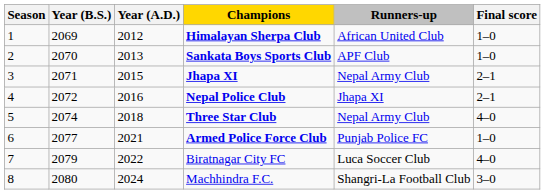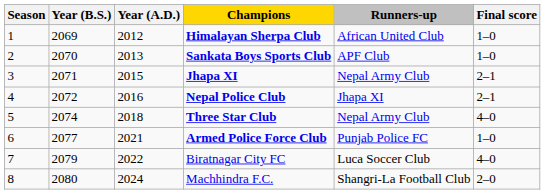 <table class="wikitable" wikitable '>
 <tr>
 <th>Season</th>
 <th>Year (B.S.)</th>
 <th>Year (A.D.)</th>
 <th style="background:gold;">Champions</th>
 <th style="background:silver;">Runners-up</th>
 <th>Final score</th>
 </tr>
 <tr>
 <td>1</td>
 <td>2069</td>
 <td>2012</td>
 <td><strong><a href='#'>Himalayan Sherpa Club</a></strong></td>
 <td><a href='#'>African United Club</a></td>
 <td>1–0</td>
 </tr>
 <tr>
 <td>2</td>
 <td>2070</td>
 <td>2013</td>
 <td><strong><a href='#'>Sankata Boys Sports Club</a></strong></td>
 <td><a href='#'>APF Club</a></td>
 <td>1–0</td>
 </tr>
 <tr>
 <td>3</td>
 <td>2071</td>
 <td>2015</td>
 <td><strong><a href='#'>Jhapa XI</a></strong></td>
 <td><a href='#'>Nepal Army Club</a></td>
 <td>2–1</td>
 </tr>
 <tr>
 <td>4</td>
 <td>2072</td>
 <td>2016</td>
 <td><strong><a href='#'>Nepal Police Club</a></strong></td>
 <td><a href='#'>Jhapa XI</a></td>
 <td>2–1</td>
 </tr>
 <tr>
 <td>5</td>
 <td>2074</td>
 <td>2018</td>
 <td><strong><a href='#'>Three Star Club</a></strong></td>
 <td><a href='#'>Nepal Army Club</a></td>
 <td>4–0</td>
 </tr>
 <tr>
 <td>6</td>
 <td>2077</td>
 <td>2021</td>
 <td><a href='#'><strong>Armed Police Force Club</strong></a></td>
 <td> <a href='#'>Punjab Police FC</a></td>
 <td>1–0</td>
 </tr>
 <tr>
 <td>7</td>
 <td>2079</td>
 <td>2022</td>
 <td><a href='#'>Biratnagar City FC</a></td>
 <td> Luca Soccer Club</td>
 <td>4–0</td>
 </tr>
 <tr>
 <td>8</td>
 <td>2080</td>
 <td>2024</td>
 <td><a href='#'>Machhindra F.C.</a></td>
 <td>Shangri-La Football Club</td>
-<td>3–0</td>
+<td>2–0</td>
 </tr>
 </table>
